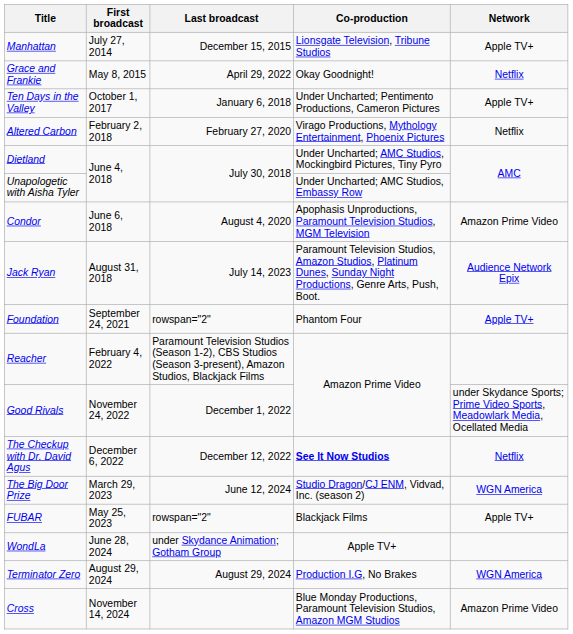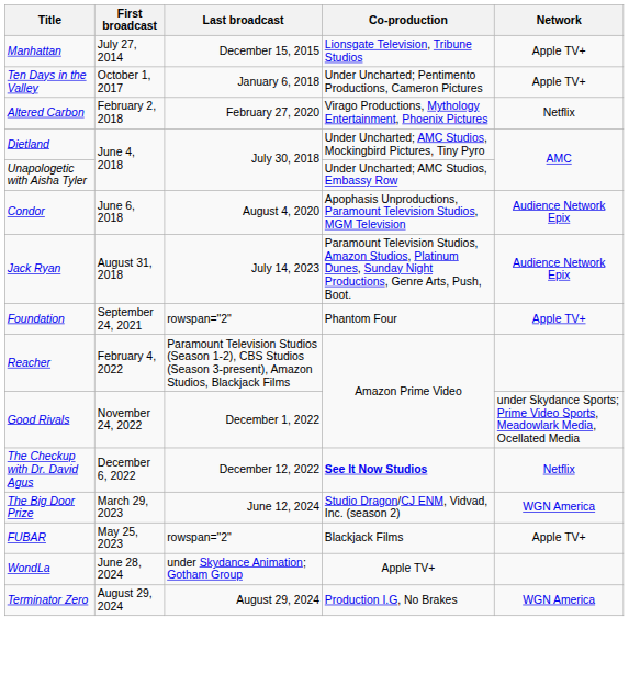 <table class="wikitable">
 <tr>
 <th>Title</th>
 <th>First broadcast</th>
 <th>Last broadcast</th>
 <th>Co-production</th>
 <th>Network</th>
 </tr>
 <tr>
 <td><em><a href='#'>Manhattan</a></em></td>
 <td style="text-align:left;">July 27, 2014</td>
 <td style="text-align:right;">December 15, 2015</td>
 <td><a href='#'>Lionsgate Television</a>, <a href='#'>Tribune Studios</a></td>
 <td style="text-align:center;">Apple TV+</td>
-</tr>
-<tr>
-<td><em><a href='#'>Grace and Frankie</a></em></td>
-<td style="text-align:left;">May 8, 2015</td>
-<td style="text-align:right;">April 29, 2022</td>
-<td>Okay Goodnight!</td>
-<td style="text-align:center;"><a href='#'>Netflix</a></td>
 </tr>
 <tr>
 <td><em><a href='#'>Ten Days in the Valley</a></em></td>
 <td style="text-align:left;">October 1, 2017</td>
 <td style="text-align:right;">January 6, 2018</td>
 <td>Under Uncharted; Pentimento Productions, Cameron Pictures</td>
 <td style="text-align:center;">Apple TV+</td>
 </tr>
 <tr>
 <td><em><a href='#'>Altered Carbon</a></em></td>
 <td style="text-align:left;">February 2, 2018</td>
 <td style="text-align:right;">February 27, 2020</td>
 <td>Virago Productions, <a href='#'>Mythology Entertainment</a>, <a href='#'>Phoenix Pictures</a></td>
 <td style="text-align:center;">Netflix</td>
 </tr>
 <tr>
 <td><em><a href='#'>Dietland</a></em></td>
 <td rowspan="2" style="text-align:left;">June 4, 2018</td>
 <td style="text-align:right;" rowspan="2">July 30, 2018</td>
 <td>Under Uncharted; <a href='#'>AMC Studios</a>, Mockingbird Pictures, Tiny Pyro</td>
 <td style="text-align:center;" rowspan="2"><a href='#'>AMC</a></td>
 </tr>
 <tr>
 <td><em>Unapologetic with Aisha Tyler</em></td>
 <td>Under Uncharted; AMC Studios, <a href='#'>Embassy Row</a></td>
 </tr>
 <tr>
 <td><em><a href='#'>Condor</a></em></td>
 <td style="text-align:left;">June 6, 2018</td>
 <td style="text-align:right;">August 4, 2020</td>
 <td>Apophasis Unproductions, <a href='#'>Paramount Television Studios</a>, <a href='#'>MGM Television</a></td>
-<td style="text-align:center;">Amazon Prime Video</td>
+<td style="text-align:center;"><a href='#'>Audience Network</a><br><a href='#'>Epix</a></td>
 </tr>
 <tr>
 <td><em><a href='#'>Jack Ryan</a></em></td>
 <td style="text-align:left;">August 31, 2018</td>
 <td style="text-align:right;">July 14, 2023</td>
 <td>Paramount Television Studios, <a href='#'>Amazon Studios</a>, <a href='#'>Platinum Dunes</a>, <a href='#'>Sunday Night Productions</a>, Genre Arts, Push, Boot.</td>
 <td style="text-align:center;"><a href='#'>Audience Network</a><br><a href='#'>Epix</a></td>
 </tr>
 <tr>
 <td><em><a href='#'>Foundation</a></em></td>
 <td style="text-align:left;">September 24, 2021</td>
 <td>rowspan="2" </td>
 <td>Phantom Four</td>
 <td style="text-align:center;"><a href='#'>Apple TV+</a></td>
 </tr>
 <tr>
 <td><em><a href='#'>Reacher</a></em></td>
 <td style="text-align:left;">February 4, 2022</td>
 <td>Paramount Television Studios (Season 1-2), CBS Studios (Season 3-present), Amazon Studios, Blackjack Films</td>
 <td rowspan="2" style="text-align:center;">Amazon Prime Video</td>
 </tr>
 <tr>
 <td><em><a href='#'>Good Rivals</a></em></td>
 <td style="text-align:left;">November 24, 2022</td>
 <td style="text-align:right;">December 1, 2022</td>
 <td>under Skydance Sports; <a href='#'>Prime Video Sports</a>, <a href='#'>Meadowlark Media</a>, Ocellated Media</td>
 </tr>
 <tr>
 <td><em><a href='#'>The Checkup with Dr. David Agus</a></em></td>
 <td style="text-align:left;">December 6, 2022</td>
 <td style="text-align:right;">December 12, 2022</td>
 <td><strong><a href='#'>See It Now Studios</a></strong></td>
 <td style="text-align:center;"><a href='#'>Netflix</a></td>
 </tr>
 <tr>
 <td><em><a href='#'>The Big Door Prize</a></em></td>
 <td style="text-align:left;">March 29, 2023</td>
 <td style="text-align:right;">June 12, 2024</td>
 <td><a href='#'>Studio Dragon</a>/<a href='#'>CJ ENM</a>, Vidvad, Inc. (season 2)</td>
 <td style="text-align:center;"><a href='#'>WGN America</a></td>
 </tr>
 <tr>
 <td><em><a href='#'>FUBAR</a></em></td>
 <td style="text-align:left;">May 25, 2023</td>
 <td>rowspan="2" </td>
 <td>Blackjack Films</td>
 <td style="text-align:center;">Apple TV+</td>
 </tr>
 <tr>
 <td><em><a href='#'>WondLa</a></em></td>
 <td style="text-align:left;">June 28, 2024</td>
 <td>under <a href='#'>Skydance Animation</a>; <a href='#'>Gotham Group</a></td>
 <td style="text-align:center;">Apple TV+</td>
 </tr>
 <tr>
 <td><em><a href='#'>Terminator Zero</a></em></td>
 <td style="text-align:left;">August 29, 2024</td>
 <td style="text-align:right;">August 29, 2024</td>
 <td><a href='#'>Production I.G</a>, No Brakes</td>
 <td style="text-align:center;"><a href='#'>WGN America</a></td>
 </tr>
-<tr>
-<td><em><a href='#'>Cross</a></em></td>
-<td style="text-align:left;">November 14, 2024</td>
-<td></td>
-<td>Blue Monday Productions, Paramount Television Studios, <a href='#'>Amazon MGM Studios</a></td>
-<td style="text-align:center;">Amazon Prime Video</td>
-</tr>
 </table>
